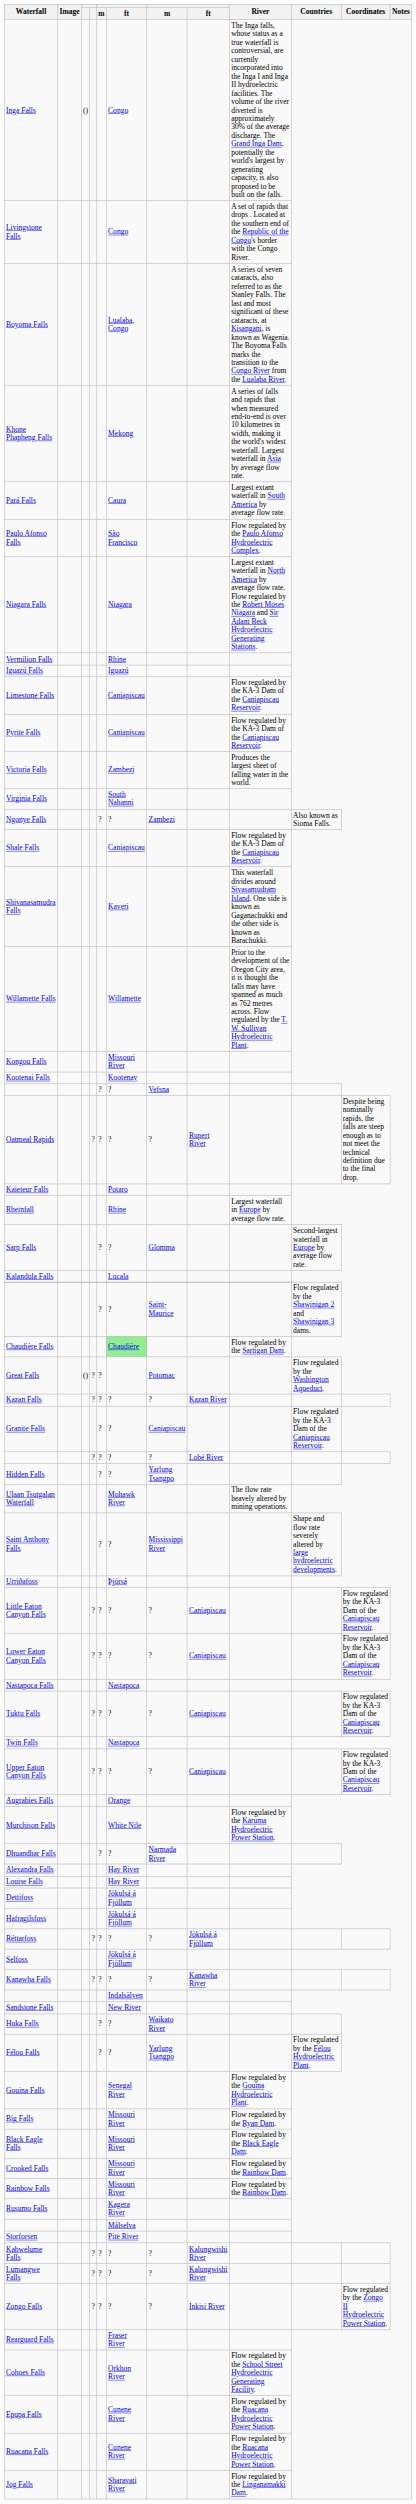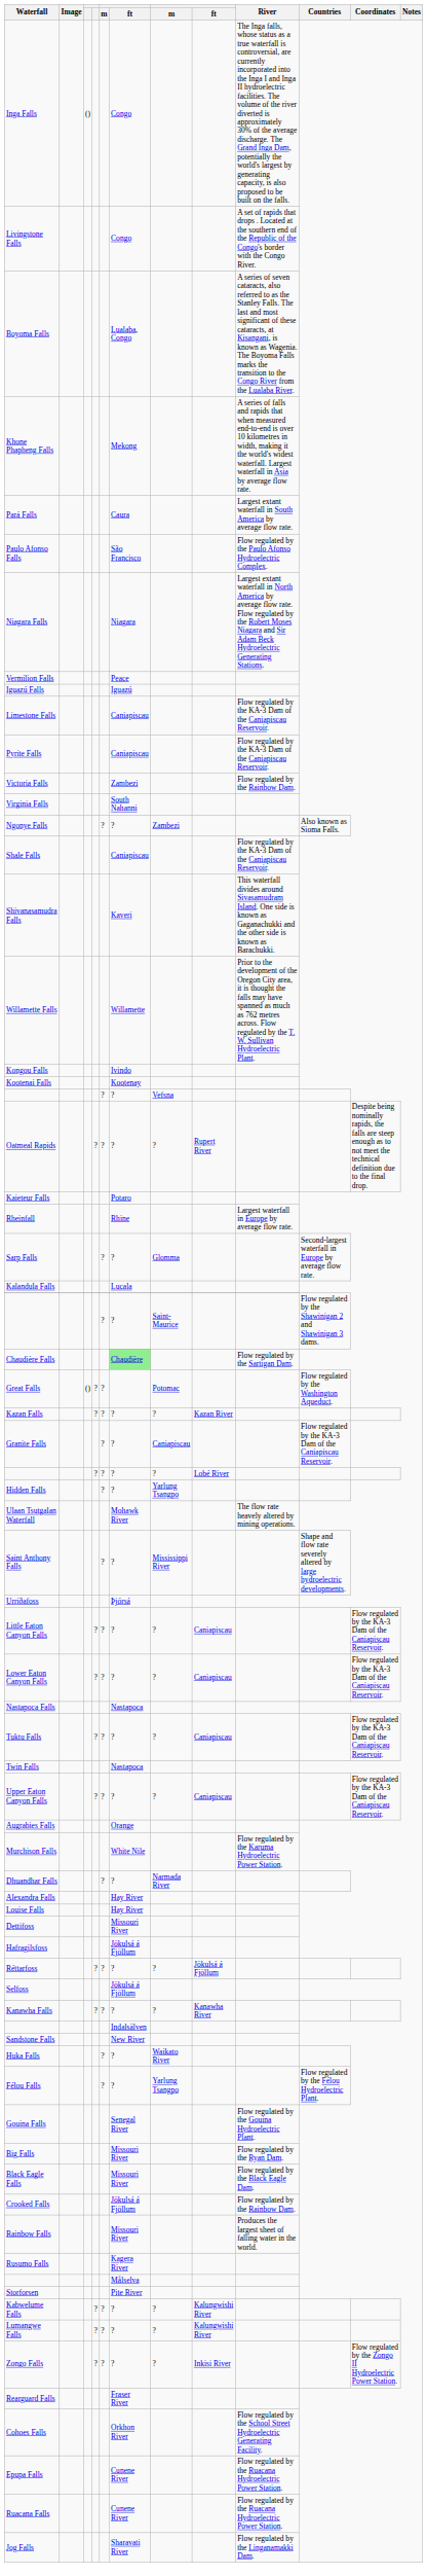 <table class="wikitable sortable">
 <tr>
 <th rowspan=2>Waterfall</th>
 <th rowspan=2 class="unsortable">Image</th>
 <th colspan=2></th>
 <th colspan=2></th>
 <th colspan=2></th>
 <th rowspan=2>River</th>
 <th rowspan=2>Countries</th>
 <th rowspan=2>Coordinates</th>
 <th rowspan=2 class="unsortable">Notes</th>
 </tr>
 <tr>
 <th></th>
 <th></th>
 <th>m</th>
 <th>ft</th>
 <th>m</th>
 <th>ft</th>
 </tr>
 <tr>
 <td><a href='#'>Inga Falls</a></td>
 <td></td>
 <td> ()</td>
 <td></td>
 <td></td>
 <td><a href='#'>Congo</a></td>
 <td></td>
 <td></td>
 <td>The Inga falls, whose status as a true waterfall is controversial, are currently incorporated into the Inga I and Inga II hydroelectric facilities. The volume of the river diverted is approximately 30% of the average discharge. The <a href='#'>Grand Inga Dam</a>, potentially the world's largest by generating capacity, is also proposed to be built on the falls.</td>
 </tr>
 <tr>
 <td><a href='#'>Livingstone Falls</a></td>
 <td></td>
 <td></td>
 <td></td>
 <td></td>
 <td><a href='#'>Congo</a></td>
 <td><br><br></td>
 <td></td>
 <td>A set of rapids that drops . Located at the southern end of the <a href='#'>Republic of the Congo</a>'s border with the Congo River.</td>
 </tr>
 <tr>
 <td><a href='#'>Boyoma Falls</a></td>
 <td></td>
 <td></td>
 <td></td>
 <td></td>
 <td><a href='#'>Lualaba</a>, <a href='#'>Congo</a></td>
 <td></td>
 <td></td>
 <td>A series of seven cataracts, also referred to as the Stanley Falls. The last and most significant of these cataracts, at <a href='#'>Kisangani</a>, is known as Wagenia. The Boyoma Falls marks the transition to the <a href='#'>Congo River</a> from the <a href='#'>Lualaba River</a>.</td>
 </tr>
 <tr>
 <td><a href='#'>Khone Phapheng Falls</a></td>
 <td></td>
 <td></td>
 <td></td>
 <td></td>
 <td><a href='#'>Mekong</a></td>
 <td></td>
 <td></td>
 <td>A series of falls and rapids that when measured end-to-end is over 10 kilometres in width, making it the world's widest waterfall. Largest waterfall in <a href='#'>Asia</a> by average flow rate.</td>
 </tr>
 <tr>
 <td><a href='#'>Pará Falls</a></td>
 <td></td>
 <td></td>
 <td></td>
 <td></td>
 <td><a href='#'>Caura</a></td>
 <td><br></td>
 <td></td>
 <td>Largest extant waterfall in <a href='#'>South America</a> by average flow rate.</td>
 </tr>
 <tr>
 <td><a href='#'>Paulo Afonso Falls</a></td>
 <td></td>
 <td></td>
 <td></td>
 <td></td>
 <td><a href='#'>São Francisco</a></td>
 <td></td>
 <td></td>
 <td>Flow regulated by the <a href='#'>Paulo Afonso Hydroelectric Complex</a>.</td>
 </tr>
 <tr>
 <td><a href='#'>Niagara Falls</a></td>
 <td></td>
 <td></td>
 <td></td>
 <td></td>
 <td><a href='#'>Niagara</a></td>
 <td><br></td>
 <td></td>
 <td>Largest extant waterfall in <a href='#'>North America</a> by average flow rate. Flow regulated by the <a href='#'>Robert Moses Niagara</a> and <a href='#'>Sir Adam Beck Hydroelectric Generating Stations</a>.</td>
 </tr>
 <tr>
 <td><a href='#'>Vermilion Falls</a></td>
 <td></td>
 <td></td>
 <td></td>
 <td></td>
-<td><a href='#'>Rhine</a></td>
+<td><a href='#'>Peace</a></td>
 <td></td>
 <td></td>
 <td></td>
 </tr>
 <tr>
 <td><a href='#'>Iguazú Falls</a></td>
 <td></td>
 <td></td>
 <td></td>
 <td></td>
 <td><a href='#'>Iguazú</a></td>
 <td><br></td>
 <td></td>
 <td></td>
 </tr>
 <tr>
 <td><a href='#'>Limestone Falls</a></td>
 <td></td>
 <td></td>
 <td></td>
 <td></td>
 <td><a href='#'>Caniapiscau</a></td>
 <td></td>
 <td></td>
 <td>Flow regulated by the KA-3 Dam of the <a href='#'>Caniapiscau Reservoir</a>.</td>
 </tr>
 <tr>
 <td><a href='#'>Pyrite Falls</a></td>
 <td></td>
 <td></td>
 <td></td>
 <td></td>
 <td><a href='#'>Caniapiscau</a></td>
 <td></td>
 <td></td>
 <td>Flow regulated by the KA-3 Dam of the <a href='#'>Caniapiscau Reservoir</a>.</td>
 </tr>
 <tr>
 <td><a href='#'>Victoria Falls</a></td>
 <td></td>
 <td></td>
 <td></td>
 <td></td>
 <td><a href='#'>Zambezi</a></td>
 <td><br></td>
 <td></td>
-<td>Produces the largest sheet of falling water in the world.</td>
+<td>Flow regulated by the <a href='#'>Rainbow Dam</a>.</td>
 </tr>
 <tr>
 <td><a href='#'>Virginia Falls</a></td>
 <td></td>
 <td></td>
 <td></td>
 <td></td>
 <td><a href='#'>South Nahanni</a></td>
 <td></td>
 <td></td>
 <td></td>
 </tr>
 <tr>
 <td><a href='#'>Ngonye Falls</a></td>
 <td></td>
 <td></td>
 <td></td>
 <td>?</td>
 <td>?</td>
 <td><a href='#'>Zambezi</a></td>
 <td></td>
 <td></td>
 <td>Also known as Sioma Falls.</td>
 </tr>
 <tr>
 <td><a href='#'>Shale Falls</a></td>
 <td></td>
 <td></td>
 <td></td>
 <td></td>
 <td><a href='#'>Caniapiscau</a></td>
 <td></td>
 <td></td>
 <td>Flow regulated by the KA-3 Dam of the <a href='#'>Caniapiscau Reservoir</a>.</td>
 </tr>
 <tr>
 <td><a href='#'>Shivanasamudra Falls</a></td>
 <td></td>
 <td></td>
 <td></td>
 <td></td>
 <td><a href='#'>Kaveri</a></td>
 <td></td>
 <td></td>
 <td>This waterfall divides around <a href='#'>Sivasamudram Island</a>. One side is known as Gaganachukki and the other side is known as Barachukki.</td>
 </tr>
 <tr>
 <td><a href='#'>Willamette Falls</a></td>
 <td></td>
 <td></td>
 <td></td>
 <td></td>
 <td><a href='#'>Willamette</a></td>
 <td></td>
 <td></td>
 <td>Prior to the development of the Oregon City area, it is thought the falls may have spanned as much as 762 metres across. Flow regulated by the <a href='#'>T. W. Sullivan Hydroelectric Plant</a>.</td>
 </tr>
 <tr>
 <td><a href='#'>Kongou Falls</a></td>
 <td></td>
 <td></td>
 <td></td>
 <td></td>
-<td><a href='#'>Missouri River</a></td>
+<td><a href='#'>Ivindo</a></td>
 <td></td>
 <td></td>
 <td></td>
 </tr>
 <tr>
 <td><a href='#'>Kootenai Falls</a></td>
 <td></td>
 <td></td>
 <td></td>
 <td></td>
 <td><a href='#'>Kootenay</a></td>
 <td></td>
 <td></td>
 <td></td>
 </tr>
 <tr>
 <td></td>
 <td></td>
 <td></td>
 <td></td>
 <td>?</td>
 <td>?</td>
 <td><a href='#'>Vefsna</a></td>
 <td></td>
 <td></td>
 <td></td>
 </tr>
 <tr>
 <td><a href='#'>Oatmeal Rapids</a></td>
 <td></td>
 <td></td>
 <td>?</td>
 <td>?</td>
 <td>?</td>
 <td>?</td>
 <td><a href='#'>Rupert River</a></td>
 <td></td>
 <td></td>
 <td>Despite being nominally rapids, the falls are steep enough as to not meet the technical definition due to the final drop.</td>
 </tr>
 <tr>
 <td><a href='#'>Kaieteur Falls</a></td>
 <td></td>
 <td></td>
 <td></td>
 <td></td>
 <td><a href='#'>Potaro</a></td>
 <td></td>
 <td></td>
 <td></td>
 </tr>
 <tr>
 <td><a href='#'>Rheinfall</a></td>
 <td></td>
 <td></td>
 <td></td>
 <td></td>
 <td><a href='#'>Rhine</a></td>
 <td></td>
 <td></td>
 <td>Largest waterfall in <a href='#'>Europe</a> by average flow rate.</td>
 </tr>
 <tr>
 <td><a href='#'>Sarp Falls</a></td>
 <td></td>
 <td></td>
 <td></td>
 <td>?</td>
 <td>?</td>
 <td><a href='#'>Glomma</a></td>
 <td></td>
 <td></td>
 <td>Second-largest waterfall in <a href='#'>Europe</a> by average flow rate.</td>
 </tr>
 <tr>
 <td><a href='#'>Kalandula Falls</a></td>
 <td></td>
 <td></td>
 <td></td>
 <td></td>
 <td><a href='#'>Lucala</a></td>
 <td></td>
 <td></td>
 <td></td>
 </tr>
 <tr>
 </tr>
 <tr>
 <td></td>
 <td></td>
 <td></td>
 <td></td>
 <td>?</td>
 <td>?</td>
 <td><a href='#'>Saint-Maurice</a></td>
 <td></td>
 <td></td>
 <td>Flow regulated by the <a href='#'>Shawinigan 2</a> and <a href='#'>Shawinigan 3</a> dams.</td>
 </tr>
 <tr>
 <td><a href='#'>Chaudière Falls</a></td>
 <td></td>
 <td></td>
 <td></td>
 <td></td>
 <td style="background: lightgreen;"><a href='#'>Chaudière</a></td>
 <td></td>
 <td></td>
 <td>Flow regulated by the <a href='#'>Sartigan Dam</a>.</td>
 </tr>
 <tr>
 <td><a href='#'>Great Falls</a></td>
 <td></td>
 <td> ()</td>
 <td>?</td>
 <td>?</td>
 <td></td>
 <td><a href='#'>Potomac</a></td>
 <td></td>
 <td></td>
 <td>Flow regulated by the <a href='#'>Washington Aqueduct</a>.</td>
 </tr>
 <tr>
 <td><a href='#'>Kazan Falls</a></td>
 <td></td>
 <td></td>
 <td>?</td>
 <td>?</td>
 <td>?</td>
 <td>?</td>
 <td><a href='#'>Kazan River</a></td>
 <td></td>
 <td></td>
 <td></td>
 </tr>
 <tr>
 <td><a href='#'>Granite Falls</a></td>
 <td></td>
 <td></td>
 <td></td>
 <td>?</td>
 <td>?</td>
 <td><a href='#'>Caniapiscau</a></td>
 <td></td>
 <td></td>
 <td>Flow regulated by the KA-3 Dam of the <a href='#'>Caniapiscau Reservoir</a>.</td>
 </tr>
 <tr>
 <td></td>
 <td></td>
 <td></td>
 <td>?</td>
 <td>?</td>
 <td>?</td>
 <td>?</td>
 <td><a href='#'>Lobé River</a></td>
 <td></td>
 <td></td>
 <td></td>
 </tr>
 <tr>
 <td><a href='#'>Hidden Falls</a></td>
 <td></td>
 <td></td>
 <td></td>
 <td>?</td>
 <td>?</td>
 <td><a href='#'>Yarlung Tsangpo</a></td>
 <td></td>
 <td></td>
 <td></td>
 </tr>
 <tr>
 <td><a href='#'>Ulaan Tsutgalan Waterfall</a></td>
 <td></td>
 <td></td>
 <td></td>
 <td></td>
 <td><a href='#'>Mohawk River</a></td>
 <td></td>
 <td></td>
 <td>The flow rate heavely altered by mining operations.</td>
 </tr>
 <tr>
 <td><a href='#'>Saint Anthony Falls</a></td>
 <td></td>
 <td></td>
 <td></td>
 <td>?</td>
 <td>?</td>
 <td><a href='#'>Mississippi River</a></td>
 <td></td>
 <td></td>
 <td>Shape and flow rate severely altered by <a href='#'>large hydroelectric developments</a>.</td>
 </tr>
 <tr>
 <td><a href='#'>Urriðafoss</a></td>
 <td></td>
 <td></td>
 <td></td>
 <td></td>
 <td><a href='#'>Þjórsá</a></td>
 <td></td>
 <td></td>
 <td></td>
 </tr>
 <tr>
 <td><a href='#'>Little Eaton Canyon Falls</a></td>
 <td></td>
 <td></td>
 <td>?</td>
 <td>?</td>
 <td>?</td>
 <td>?</td>
 <td><a href='#'>Caniapiscau</a></td>
 <td></td>
 <td></td>
 <td>Flow regulated by the KA-3 Dam of the <a href='#'>Caniapiscau Reservoir</a>.</td>
 </tr>
 <tr>
 <td><a href='#'>Lower Eaton Canyon Falls</a></td>
 <td></td>
 <td></td>
 <td>?</td>
 <td>?</td>
 <td>?</td>
 <td>?</td>
 <td><a href='#'>Caniapiscau</a></td>
 <td></td>
 <td></td>
 <td>Flow regulated by the KA-3 Dam of the <a href='#'>Caniapiscau Reservoir</a>.</td>
 </tr>
 <tr>
 <td><a href='#'>Nastapoca Falls</a></td>
 <td></td>
 <td></td>
 <td></td>
 <td></td>
 <td><a href='#'>Nastapoca</a></td>
 <td></td>
 <td></td>
 <td></td>
 </tr>
 <tr>
 <td><a href='#'>Tuktu Falls</a></td>
 <td></td>
 <td></td>
 <td>?</td>
 <td>?</td>
 <td>?</td>
 <td>?</td>
 <td><a href='#'>Caniapiscau</a></td>
 <td></td>
 <td></td>
 <td>Flow regulated by the KA-3 Dam of the <a href='#'>Caniapiscau Reservoir</a>.</td>
 </tr>
 <tr>
 <td><a href='#'>Twin Falls</a></td>
 <td></td>
 <td></td>
 <td></td>
 <td></td>
 <td><a href='#'>Nastapoca</a></td>
 <td></td>
 <td></td>
 <td></td>
 </tr>
 <tr>
 <td><a href='#'>Upper Eaton Canyon Falls</a></td>
 <td></td>
 <td></td>
 <td>?</td>
 <td>?</td>
 <td>?</td>
 <td>?</td>
 <td><a href='#'>Caniapiscau</a></td>
 <td></td>
 <td></td>
 <td>Flow regulated by the KA-3 Dam of the <a href='#'>Caniapiscau Reservoir</a>.</td>
 </tr>
 <tr>
 <td><a href='#'>Augrabies Falls</a></td>
 <td></td>
 <td></td>
 <td></td>
 <td></td>
 <td><a href='#'>Orange</a></td>
 <td></td>
 <td></td>
 <td></td>
 </tr>
 <tr>
 <td><a href='#'>Murchison Falls</a></td>
 <td></td>
 <td></td>
 <td></td>
 <td></td>
 <td><a href='#'>White Nile</a></td>
 <td></td>
 <td></td>
 <td>Flow regulated by the <a href='#'>Karuma Hydroelectric Power Station</a>.</td>
 </tr>
 <tr>
 <td><a href='#'>Dhuandhar Falls</a></td>
 <td></td>
 <td></td>
 <td></td>
 <td>?</td>
 <td>?</td>
 <td><a href='#'>Narmada River</a></td>
 <td></td>
 <td></td>
 <td></td>
 </tr>
 <tr>
 <td><a href='#'>Alexandra Falls</a></td>
 <td></td>
 <td></td>
 <td></td>
 <td></td>
 <td><a href='#'>Hay River</a></td>
 <td></td>
 <td></td>
 <td></td>
 </tr>
 <tr>
 <td><a href='#'>Louise Falls</a></td>
 <td></td>
 <td></td>
 <td></td>
 <td></td>
 <td><a href='#'>Hay River</a></td>
 <td></td>
 <td></td>
 <td></td>
 </tr>
 <tr>
 <td><a href='#'>Dettifoss</a></td>
 <td></td>
 <td></td>
 <td></td>
 <td></td>
-<td><a href='#'>Jökulsá á Fjöllum</a></td>
+<td><a href='#'>Missouri River</a></td>
 <td></td>
 <td></td>
 <td></td>
 </tr>
 <tr>
 <td><a href='#'>Hafragilsfoss</a></td>
 <td></td>
 <td></td>
 <td></td>
 <td></td>
 <td><a href='#'>Jökulsá á Fjöllum</a></td>
 <td></td>
 <td></td>
 <td></td>
 </tr>
 <tr>
 <td><a href='#'>Réttarfoss</a></td>
 <td></td>
 <td></td>
 <td>?</td>
 <td>?</td>
 <td>?</td>
 <td>?</td>
 <td><a href='#'>Jökulsá á Fjöllum</a></td>
 <td></td>
 <td></td>
 <td></td>
 </tr>
 <tr>
 <td><a href='#'>Selfoss</a></td>
 <td></td>
 <td></td>
 <td></td>
 <td></td>
 <td><a href='#'>Jökulsá á Fjöllum</a></td>
 <td></td>
 <td></td>
 <td></td>
 </tr>
 <tr>
 <td><a href='#'>Kanawha Falls</a></td>
 <td></td>
 <td></td>
 <td>?</td>
 <td>?</td>
 <td>?</td>
 <td>?</td>
 <td><a href='#'>Kanawha River</a></td>
 <td></td>
 <td></td>
 <td></td>
 </tr>
 <tr>
 <td></td>
 <td></td>
 <td></td>
 <td></td>
 <td></td>
 <td><a href='#'>Indalsälven</a></td>
 <td></td>
 <td></td>
 <td></td>
 </tr>
 <tr>
 <td><a href='#'>Sandstone Falls</a></td>
 <td></td>
 <td></td>
 <td></td>
 <td></td>
 <td><a href='#'>New River</a></td>
 <td></td>
 <td></td>
 <td></td>
 </tr>
 <tr>
 <td><a href='#'>Huka Falls</a></td>
 <td></td>
 <td></td>
 <td></td>
 <td>?</td>
 <td>?</td>
 <td><a href='#'>Waikato River</a></td>
 <td></td>
 <td></td>
 <td></td>
 </tr>
 <tr>
 <td><a href='#'>Félou Falls</a></td>
 <td></td>
 <td></td>
 <td></td>
 <td>?</td>
 <td>?</td>
 <td><a href='#'>Yarlung Tsangpo</a></td>
 <td></td>
 <td></td>
 <td>Flow regulated by the <a href='#'>Félou Hydroelectric Plant</a>.</td>
 </tr>
 <tr>
 <td><a href='#'>Gouina Falls</a></td>
 <td></td>
 <td></td>
 <td></td>
 <td></td>
 <td><a href='#'>Senegal River</a></td>
 <td></td>
 <td></td>
 <td>Flow regulated by the <a href='#'>Gouina Hydroelectric Plant</a>.</td>
 </tr>
 <tr>
 <td><a href='#'>Big Falls</a></td>
 <td></td>
 <td></td>
 <td></td>
 <td></td>
 <td><a href='#'>Missouri River</a></td>
 <td></td>
 <td></td>
 <td>Flow regulated by the <a href='#'>Ryan Dam</a>.</td>
 </tr>
 <tr>
 <td><a href='#'>Black Eagle Falls</a></td>
 <td></td>
 <td></td>
 <td></td>
 <td></td>
 <td><a href='#'>Missouri River</a></td>
 <td></td>
 <td></td>
 <td>Flow regulated by the <a href='#'>Black Eagle Dam</a>.</td>
 </tr>
 <tr>
 <td><a href='#'>Crooked Falls</a></td>
 <td></td>
 <td></td>
 <td></td>
 <td></td>
-<td><a href='#'>Missouri River</a></td>
+<td><a href='#'>Jökulsá á Fjöllum</a></td>
 <td></td>
 <td></td>
 <td>Flow regulated by the <a href='#'>Rainbow Dam</a>.</td>
 </tr>
 <tr>
 <td><a href='#'>Rainbow Falls</a></td>
 <td></td>
 <td></td>
 <td></td>
 <td></td>
 <td><a href='#'>Missouri River</a></td>
 <td></td>
 <td></td>
-<td>Flow regulated by the <a href='#'>Rainbow Dam</a>.</td>
+<td>Produces the largest sheet of falling water in the world.</td>
 </tr>
 <tr>
 <td><a href='#'>Rusumo Falls</a></td>
 <td></td>
 <td></td>
 <td></td>
 <td></td>
 <td><a href='#'>Kagera River</a></td>
 <td> </td>
 <td></td>
 <td></td>
 </tr>
 <tr>
 <td></td>
 <td></td>
 <td></td>
 <td></td>
 <td></td>
 <td><a href='#'>Målselva</a></td>
 <td></td>
 <td></td>
 <td></td>
 </tr>
 <tr>
 <td><a href='#'>Storforsen</a></td>
 <td></td>
 <td></td>
 <td></td>
 <td></td>
 <td><a href='#'>Pite River</a></td>
 <td></td>
 <td></td>
 <td></td>
 </tr>
 <tr>
 <td><a href='#'>Kabwelume Falls</a></td>
 <td></td>
 <td></td>
 <td>?</td>
 <td>?</td>
 <td>?</td>
 <td>?</td>
 <td><a href='#'>Kalungwishi River</a></td>
 <td></td>
 <td></td>
 <td></td>
 </tr>
 <tr>
 <td><a href='#'>Lumangwe Falls</a></td>
 <td></td>
 <td></td>
 <td>?</td>
 <td>?</td>
 <td>?</td>
 <td>?</td>
 <td><a href='#'>Kalungwishi River</a></td>
 <td></td>
 <td></td>
 <td></td>
 </tr>
 <tr>
 <td><a href='#'>Zongo Falls</a></td>
 <td></td>
 <td></td>
 <td>?</td>
 <td>?</td>
 <td>?</td>
 <td>?</td>
 <td><a href='#'>Inkisi River</a></td>
 <td></td>
 <td></td>
 <td>Flow regulated by the <a href='#'>Zongo II Hydroelectric Power Station</a>.</td>
 </tr>
 <tr>
 <td><a href='#'>Rearguard Falls</a></td>
 <td></td>
 <td></td>
 <td></td>
 <td></td>
 <td><a href='#'>Fraser River</a></td>
 <td></td>
 <td></td>
 <td></td>
 </tr>
 <tr>
 <td><a href='#'>Cohoes Falls</a></td>
 <td></td>
 <td></td>
 <td></td>
 <td></td>
 <td><a href='#'>Orkhon River</a></td>
 <td></td>
 <td></td>
 <td>Flow regulated by the <a href='#'>School Street Hydroelectric Generating Facility</a>.</td>
 </tr>
 <tr>
 <td><a href='#'>Epupa Falls</a></td>
 <td></td>
 <td></td>
 <td></td>
 <td></td>
 <td><a href='#'>Cunene River</a></td>
 <td> </td>
 <td></td>
 <td>Flow regulated by the <a href='#'>Ruacana Hydroelectric Power Station</a>.</td>
 </tr>
 <tr>
 <td><a href='#'>Ruacana Falls</a></td>
 <td></td>
 <td></td>
 <td></td>
 <td></td>
 <td><a href='#'>Cunene River</a></td>
 <td> </td>
 <td></td>
 <td>Flow regulated by the <a href='#'>Ruacana Hydroelectric Power Station</a>.</td>
 </tr>
 <tr>
 <td><a href='#'>Jog Falls</a></td>
 <td></td>
 <td></td>
 <td></td>
 <td></td>
 <td><a href='#'>Sharavati River</a></td>
 <td></td>
 <td></td>
 <td>Flow regulated by the <a href='#'>Linganamakki Dam</a>.</td>
 </tr>
 </table>
